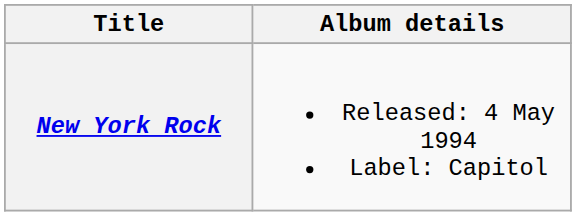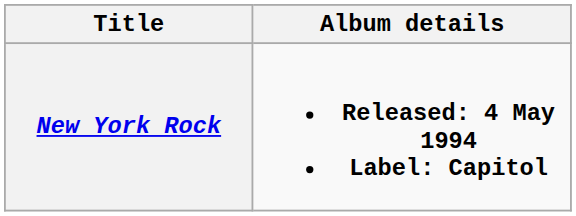 <table class="wikitable plainrowheaders" style="text-align:center">
 <tr>
 <th scope="col" style="width:10em;">Title</th>
 <th scope="col" style="width:13em;">Album details</th>
 </tr>
 <tr>
 <th scope="row"><em><a href='#'>New York Rock</a></em></th>
-<td><br><ul><li>Released: 4 May 1994</li><li>Label: Capitol</li></ul></td>
+<td><strong><br><ul><li>Released: 4 May 1994</li><li>Label: Capitol</li></ul></strong></td>
 </tr>
 </table>
